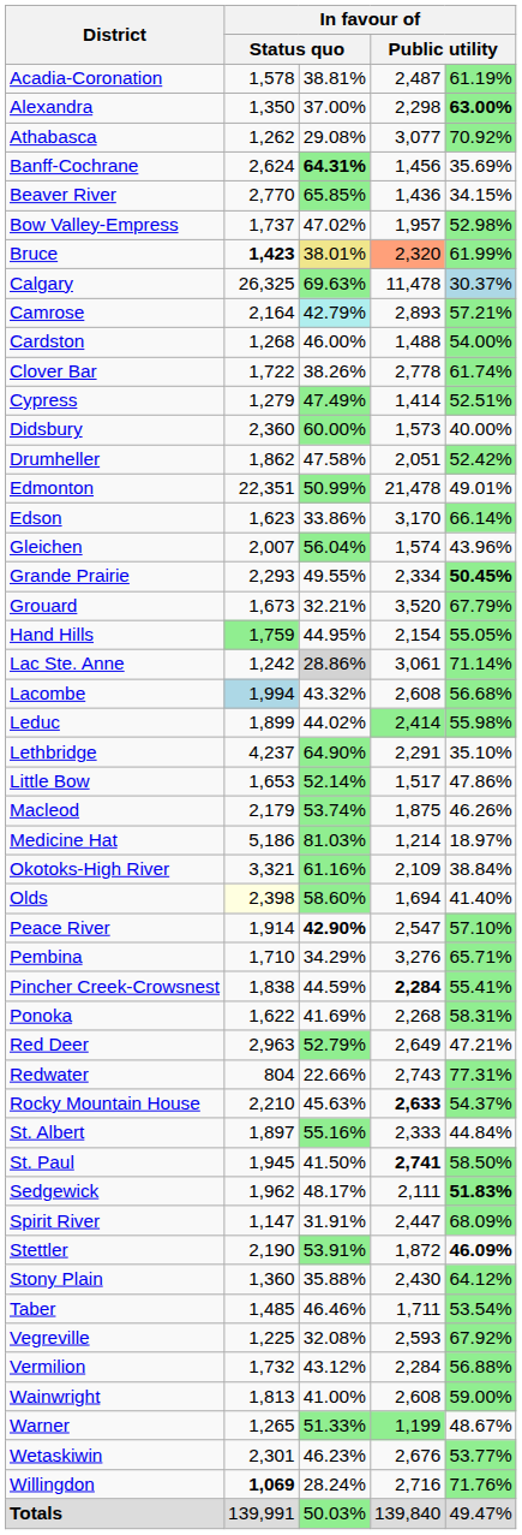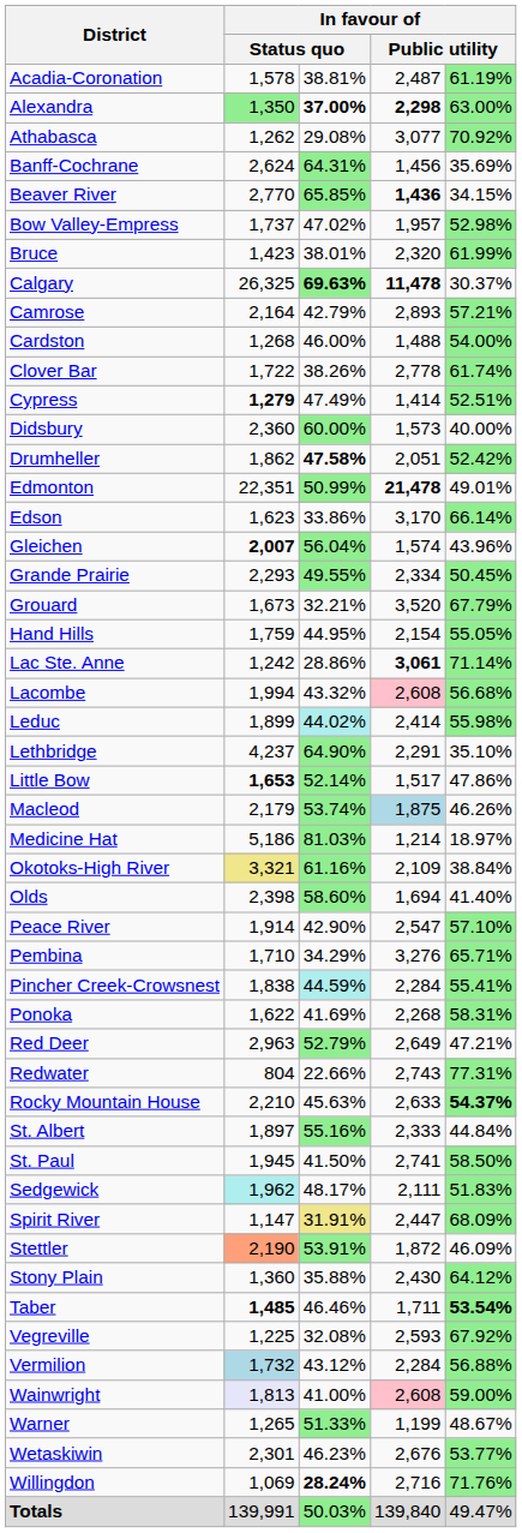 <table class="wikitable" style="text-align:right">
 <tr>
 <th rowspan="2">District</th>
 <th colspan="4">In favour of</th>
 </tr>
 <tr>
 <th colspan="2">Status quo</th>
 <th colspan="2">Public utility</th>
 </tr>
 <tr>
 <td style="text-align:left"><a href='#'>Acadia-Coronation</a></td>
 <td>1,578</td>
 <td>38.81%</td>
 <td>2,487</td>
 <td style="background-color:lightgreen;">61.19%</td>
 </tr>
 <tr>
 <td style="text-align:left"><a href='#'>Alexandra</a></td>
-<td>1,350</td>
-<td>37.00%</td>
-<td>2,298</td>
-<td style="background-color:lightgreen;"><strong>63.00%</strong></td>
+<td style="background: lightgreen;">1,350</td>
+<td><strong>37.00%</strong></td>
+<td><strong>2,298</strong></td>
+<td style="background-color:lightgreen;">63.00%</td>
 </tr>
 <tr>
 <td style="text-align:left"><a href='#'>Athabasca</a></td>
 <td>1,262</td>
 <td>29.08%</td>
 <td>3,077</td>
 <td style="background-color:lightgreen;">70.92%</td>
 </tr>
 <tr>
 <td style="text-align:left"><a href='#'>Banff-Cochrane</a></td>
 <td>2,624</td>
-<td style="background-color:lightgreen;"><strong>64.31%</strong></td>
+<td style="background-color:lightgreen;">64.31%</td>
 <td>1,456</td>
 <td>35.69%</td>
 </tr>
 <tr>
 <td style="text-align:left"><a href='#'>Beaver River</a></td>
 <td>2,770</td>
 <td style="background-color:lightgreen;">65.85%</td>
-<td>1,436</td>
+<td><strong>1,436</strong></td>
 <td>34.15%</td>
 </tr>
 <tr>
 <td style="text-align:left"><a href='#'>Bow Valley-Empress</a></td>
 <td>1,737</td>
 <td>47.02%</td>
 <td>1,957</td>
 <td style="background-color:lightgreen;">52.98%</td>
 </tr>
 <tr>
 <td style="text-align:left"><a href='#'>Bruce</a></td>
-<td><strong>1,423</strong></td>
-<td style="background: khaki;">38.01%</td>
-<td style="background: lightsalmon;">2,320</td>
+<td>1,423</td>
+<td>38.01%</td>
+<td>2,320</td>
 <td style="background-color:lightgreen;">61.99%</td>
 </tr>
 <tr>
 <td style="text-align:left"><a href='#'>Calgary</a></td>
 <td>26,325</td>
-<td style="background-color:lightgreen;">69.63%</td>
-<td>11,478</td>
-<td style="background: lightblue;">30.37%</td>
+<td style="background-color:lightgreen;"><strong>69.63%</strong></td>
+<td><strong>11,478</strong></td>
+<td>30.37%</td>
 </tr>
 <tr>
 <td style="text-align:left"><a href='#'>Camrose</a></td>
 <td>2,164</td>
-<td style="background: paleturquoise;">42.79%</td>
+<td>42.79%</td>
 <td>2,893</td>
 <td style="background-color:lightgreen;">57.21%</td>
 </tr>
 <tr>
 <td style="text-align:left"><a href='#'>Cardston</a></td>
 <td>1,268</td>
 <td>46.00%</td>
 <td>1,488</td>
 <td style="background-color:lightgreen;">54.00%</td>
 </tr>
 <tr>
 <td style="text-align:left"><a href='#'>Clover Bar</a></td>
 <td>1,722</td>
 <td>38.26%</td>
 <td>2,778</td>
 <td style="background-color:lightgreen;">61.74%</td>
 </tr>
 <tr>
 <td style="text-align:left"><a href='#'>Cypress</a></td>
-<td>1,279</td>
-<td style="background: lightgreen;">47.49%</td>
+<td><strong>1,279</strong></td>
+<td>47.49%</td>
 <td>1,414</td>
 <td style="background-color:lightgreen;">52.51%</td>
 </tr>
 <tr>
 <td style="text-align:left"><a href='#'>Didsbury</a></td>
 <td>2,360</td>
 <td style="background-color:lightgreen;">60.00%</td>
 <td>1,573</td>
 <td>40.00%</td>
 </tr>
 <tr>
 <td style="text-align:left"><a href='#'>Drumheller</a></td>
 <td>1,862</td>
-<td>47.58%</td>
+<td><strong>47.58%</strong></td>
 <td>2,051</td>
 <td style="background-color:lightgreen;">52.42%</td>
 </tr>
 <tr>
 <td style="text-align:left"><a href='#'>Edmonton</a></td>
 <td>22,351</td>
 <td style="background-color:lightgreen;">50.99%</td>
-<td>21,478</td>
+<td><strong>21,478</strong></td>
 <td>49.01%</td>
 </tr>
 <tr>
 <td style="text-align:left"><a href='#'>Edson</a></td>
 <td>1,623</td>
 <td>33.86%</td>
 <td>3,170</td>
 <td style="background-color:lightgreen;">66.14%</td>
 </tr>
 <tr>
 <td style="text-align:left"><a href='#'>Gleichen</a></td>
-<td>2,007</td>
+<td><strong>2,007</strong></td>
 <td style="background-color:lightgreen;">56.04%</td>
 <td>1,574</td>
 <td>43.96%</td>
 </tr>
 <tr>
 <td style="text-align:left"><a href='#'>Grande Prairie</a></td>
 <td>2,293</td>
-<td>49.55%</td>
+<td style="background: lightgreen;">49.55%</td>
 <td>2,334</td>
-<td style="background-color:lightgreen;"><strong>50.45%</strong></td>
+<td style="background-color:lightgreen;">50.45%</td>
 </tr>
 <tr>
 <td style="text-align:left"><a href='#'>Grouard</a></td>
 <td>1,673</td>
 <td>32.21%</td>
 <td>3,520</td>
 <td style="background-color:lightgreen;">67.79%</td>
 </tr>
 <tr>
 <td style="text-align:left"><a href='#'>Hand Hills</a></td>
-<td style="background: lightgreen;">1,759</td>
+<td>1,759</td>
 <td>44.95%</td>
 <td>2,154</td>
 <td style="background-color:lightgreen;">55.05%</td>
 </tr>
 <tr>
 <td style="text-align:left"><a href='#'>Lac Ste. Anne</a></td>
 <td>1,242</td>
-<td style="background: lightgrey;">28.86%</td>
-<td>3,061</td>
+<td>28.86%</td>
+<td><strong>3,061</strong></td>
 <td style="background-color:lightgreen;">71.14%</td>
 </tr>
 <tr>
 <td style="text-align:left"><a href='#'>Lacombe</a></td>
-<td style="background: lightblue;">1,994</td>
+<td>1,994</td>
 <td>43.32%</td>
-<td>2,608</td>
+<td style="background: pink;">2,608</td>
 <td style="background-color:lightgreen;">56.68%</td>
 </tr>
 <tr>
 <td style="text-align:left"><a href='#'>Leduc</a></td>
 <td>1,899</td>
-<td>44.02%</td>
-<td style="background: lightgreen;">2,414</td>
+<td style="background: paleturquoise;">44.02%</td>
+<td>2,414</td>
 <td style="background-color:lightgreen;">55.98%</td>
 </tr>
 <tr>
 <td style="text-align:left"><a href='#'>Lethbridge</a></td>
 <td>4,237</td>
 <td style="background-color:lightgreen;">64.90%</td>
 <td>2,291</td>
 <td>35.10%</td>
 </tr>
 <tr>
 <td style="text-align:left"><a href='#'>Little Bow</a></td>
-<td>1,653</td>
+<td><strong>1,653</strong></td>
 <td style="background-color:lightgreen;">52.14%</td>
 <td>1,517</td>
 <td>47.86%</td>
 </tr>
 <tr>
 <td style="text-align:left"><a href='#'>Macleod</a></td>
 <td>2,179</td>
 <td style="background-color:lightgreen;">53.74%</td>
-<td>1,875</td>
+<td style="background: lightblue;">1,875</td>
 <td>46.26%</td>
 </tr>
 <tr>
 <td style="text-align:left"><a href='#'>Medicine Hat</a></td>
 <td>5,186</td>
 <td style="background-color:lightgreen;">81.03%</td>
 <td>1,214</td>
 <td>18.97%</td>
 </tr>
 <tr>
 <td style="text-align:left"><a href='#'>Okotoks-High River</a></td>
-<td>3,321</td>
+<td style="background: khaki;">3,321</td>
 <td style="background-color:lightgreen;">61.16%</td>
 <td>2,109</td>
 <td>38.84%</td>
 </tr>
 <tr>
 <td style="text-align:left"><a href='#'>Olds</a></td>
-<td style="background: lightyellow;">2,398</td>
+<td>2,398</td>
 <td style="background-color:lightgreen;">58.60%</td>
 <td>1,694</td>
 <td>41.40%</td>
 </tr>
 <tr>
 <td style="text-align:left"><a href='#'>Peace River</a></td>
 <td>1,914</td>
-<td><strong>42.90%</strong></td>
+<td>42.90%</td>
 <td>2,547</td>
 <td style="background-color:lightgreen;">57.10%</td>
 </tr>
 <tr>
 <td style="text-align:left"><a href='#'>Pembina</a></td>
 <td>1,710</td>
 <td>34.29%</td>
 <td>3,276</td>
 <td style="background-color:lightgreen;">65.71%</td>
 </tr>
 <tr>
 <td style="text-align:left"><a href='#'>Pincher Creek-Crowsnest</a></td>
 <td>1,838</td>
-<td>44.59%</td>
-<td><strong>2,284</strong></td>
+<td style="background: paleturquoise;">44.59%</td>
+<td>2,284</td>
 <td style="background-color:lightgreen;">55.41%</td>
 </tr>
 <tr>
 <td style="text-align:left"><a href='#'>Ponoka</a></td>
 <td>1,622</td>
 <td>41.69%</td>
 <td>2,268</td>
 <td style="background-color:lightgreen;">58.31%</td>
 </tr>
 <tr>
 <td style="text-align:left"><a href='#'>Red Deer</a></td>
 <td>2,963</td>
 <td style="background-color:lightgreen;">52.79%</td>
 <td>2,649</td>
 <td>47.21%</td>
 </tr>
 <tr>
 <td style="text-align:left"><a href='#'>Redwater</a></td>
 <td>804</td>
 <td>22.66%</td>
 <td>2,743</td>
 <td style="background-color:lightgreen;">77.31%</td>
 </tr>
 <tr>
 <td style="text-align:left"><a href='#'>Rocky Mountain House</a></td>
 <td>2,210</td>
 <td>45.63%</td>
-<td><strong>2,633</strong></td>
-<td style="background-color:lightgreen;">54.37%</td>
+<td>2,633</td>
+<td style="background-color:lightgreen;"><strong>54.37%</strong></td>
 </tr>
 <tr>
 <td style="text-align:left"><a href='#'>St. Albert</a></td>
 <td>1,897</td>
 <td style="background-color:lightgreen;">55.16%</td>
 <td>2,333</td>
 <td>44.84%</td>
 </tr>
 <tr>
 <td style="text-align:left"><a href='#'>St. Paul</a></td>
 <td>1,945</td>
 <td>41.50%</td>
-<td><strong>2,741</strong></td>
+<td>2,741</td>
 <td style="background-color:lightgreen;">58.50%</td>
 </tr>
 <tr>
 <td style="text-align:left"><a href='#'>Sedgewick</a></td>
-<td>1,962</td>
+<td style="background: paleturquoise;">1,962</td>
 <td>48.17%</td>
 <td>2,111</td>
-<td style="background-color:lightgreen;"><strong>51.83%</strong></td>
+<td style="background-color:lightgreen;">51.83%</td>
 </tr>
 <tr>
 <td style="text-align:left"><a href='#'>Spirit River</a></td>
 <td>1,147</td>
-<td>31.91%</td>
+<td style="background: khaki;">31.91%</td>
 <td>2,447</td>
 <td style="background-color:lightgreen;">68.09%</td>
 </tr>
 <tr>
 <td style="text-align:left"><a href='#'>Stettler</a></td>
-<td>2,190</td>
+<td style="background: lightsalmon;">2,190</td>
 <td style="background-color:lightgreen;">53.91%</td>
 <td>1,872</td>
-<td><strong>46.09%</strong></td>
+<td>46.09%</td>
 </tr>
 <tr>
 <td style="text-align:left"><a href='#'>Stony Plain</a></td>
 <td>1,360</td>
 <td>35.88%</td>
 <td>2,430</td>
 <td style="background-color:lightgreen;">64.12%</td>
 </tr>
 <tr>
 <td style="text-align:left"><a href='#'>Taber</a></td>
-<td>1,485</td>
+<td><strong>1,485</strong></td>
 <td>46.46%</td>
 <td>1,711</td>
-<td style="background-color:lightgreen;">53.54%</td>
+<td style="background-color:lightgreen;"><strong>53.54%</strong></td>
 </tr>
 <tr>
 <td style="text-align:left"><a href='#'>Vegreville</a></td>
 <td>1,225</td>
 <td>32.08%</td>
 <td>2,593</td>
 <td style="background-color:lightgreen;">67.92%</td>
 </tr>
 <tr>
 <td style="text-align:left"><a href='#'>Vermilion</a></td>
-<td>1,732</td>
+<td style="background: lightblue;">1,732</td>
 <td>43.12%</td>
 <td>2,284</td>
 <td style="background-color:lightgreen;">56.88%</td>
 </tr>
 <tr>
 <td style="text-align:left"><a href='#'>Wainwright</a></td>
-<td>1,813</td>
+<td style="background: lavender;">1,813</td>
 <td>41.00%</td>
-<td>2,608</td>
+<td style="background: pink;">2,608</td>
 <td style="background-color:lightgreen;">59.00%</td>
 </tr>
 <tr>
 <td style="text-align:left"><a href='#'>Warner</a></td>
 <td>1,265</td>
 <td style="background-color:lightgreen;">51.33%</td>
-<td style="background: lightgreen;">1,199</td>
+<td>1,199</td>
 <td>48.67%</td>
 </tr>
 <tr>
 <td style="text-align:left"><a href='#'>Wetaskiwin</a></td>
 <td>2,301</td>
 <td>46.23%</td>
 <td>2,676</td>
 <td style="background-color:lightgreen;">53.77%</td>
 </tr>
 <tr>
 <td style="text-align:left"><a href='#'>Willingdon</a></td>
-<td><strong>1,069</strong></td>
-<td>28.24%</td>
+<td>1,069</td>
+<td><strong>28.24%</strong></td>
 <td>2,716</td>
 <td style="background-color:lightgreen;">71.76%</td>
 </tr>
 <tr style="background-color:#DCDCDC;">
 <td style="text-align:left"><strong>Totals</strong></td>
 <td>139,991</td>
 <td style="background-color:lightgreen;">50.03%</td>
 <td>139,840</td>
 <td>49.47%</td>
 </tr>
 </table>
